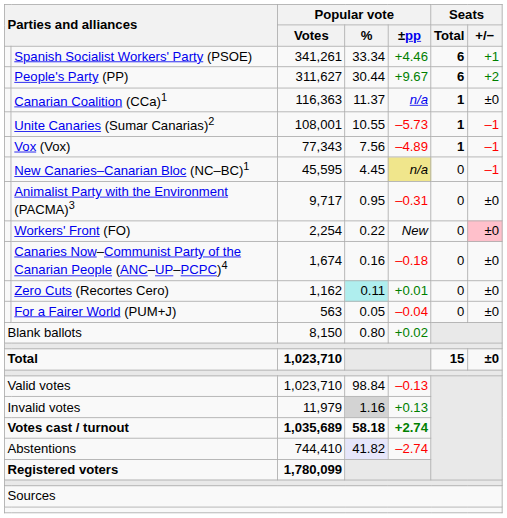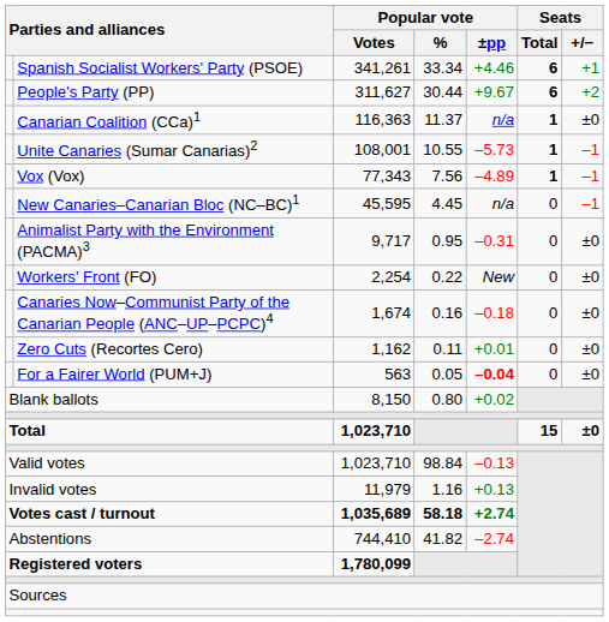 <table class="wikitable" style="text-align:right;">
 <tr>
 <th style="text-align:left;" rowspan="2" colspan="2" width="525">Parties and alliances</th>
 <th colspan="3">Popular vote</th>
 <th colspan="2">Seats</th>
 </tr>
 <tr>
 <th width="75">Votes</th>
 <th width="45">%</th>
 <th width="45">±<a href='#'>pp</a></th>
 <th width="35">Total</th>
 <th width="35">+/−</th>
 </tr>
 <tr>
 <td width="1" style="color:inherit;background:"></td>
 <td align="left"><a href='#'>Spanish Socialist Workers' Party</a> (PSOE)</td>
 <td>341,261</td>
 <td>33.34</td>
 <td style="color:green;">+4.46</td>
 <td><strong>6</strong></td>
 <td style="color:green;">+1</td>
 </tr>
 <tr>
 <td style="color:inherit;background:"></td>
 <td align="left"><a href='#'>People's Party</a> (PP)</td>
 <td>311,627</td>
 <td>30.44</td>
 <td style="color:green;">+9.67</td>
 <td><strong>6</strong></td>
 <td style="color:green;">+2</td>
 </tr>
 <tr>
 <td style="color:inherit;background:"></td>
 <td align="left"><a href='#'>Canarian Coalition</a> (CCa)<sup>1</sup></td>
 <td>116,363</td>
 <td>11.37</td>
 <td><em><a href='#'>n/a</a></em></td>
 <td><strong>1</strong></td>
 <td>±0</td>
 </tr>
 <tr>
 <td style="color:inherit;background:"></td>
 <td align="left"><a href='#'>Unite Canaries</a> (Sumar Canarias)<sup>2</sup></td>
 <td>108,001</td>
 <td>10.55</td>
 <td style="color:red;">–5.73</td>
 <td><strong>1</strong></td>
 <td style="color:red;">–1</td>
 </tr>
 <tr>
 <td style="color:inherit;background:"></td>
 <td align="left"><a href='#'>Vox</a> (Vox)</td>
 <td>77,343</td>
 <td>7.56</td>
 <td style="color:red;">–4.89</td>
 <td><strong>1</strong></td>
 <td style="color:red;">–1</td>
 </tr>
 <tr>
 <td style="color:inherit;background:"></td>
 <td align="left"><a href='#'>New Canaries–Canarian Bloc</a> (NC–BC)<sup>1</sup></td>
 <td>45,595</td>
 <td>4.45</td>
-<td style="background: khaki;"><em>n/a</em></td>
+<td><em>n/a</em></td>
 <td>0</td>
 <td style="color:red;">–1</td>
 </tr>
 <tr>
 <td style="color:inherit;background:"></td>
 <td align="left"><a href='#'>Animalist Party with the Environment</a> (PACMA)<sup>3</sup></td>
 <td>9,717</td>
 <td>0.95</td>
 <td style="color:red;">–0.31</td>
 <td>0</td>
 <td>±0</td>
 </tr>
 <tr>
 <td style="color:inherit;background:"></td>
 <td align="left"><a href='#'>Workers' Front</a> (FO)</td>
 <td>2,254</td>
 <td>0.22</td>
 <td><em>New</em></td>
 <td>0</td>
-<td style="background: pink;">±0</td>
+<td>±0</td>
 </tr>
 <tr>
 <td style="color:inherit;background:"></td>
 <td align="left"><a href='#'>Canaries Now</a>–<a href='#'>Communist Party of the Canarian People</a> (<a href='#'>ANC</a>–<a href='#'>UP</a>–<a href='#'>PCPC</a>)<sup>4</sup></td>
 <td>1,674</td>
 <td>0.16</td>
 <td style="color:red;">–0.18</td>
 <td>0</td>
 <td>±0</td>
 </tr>
 <tr>
 <td style="color:inherit;background:"></td>
 <td align="left"><a href='#'>Zero Cuts</a> (Recortes Cero)</td>
 <td>1,162</td>
-<td style="background: paleturquoise;">0.11</td>
+<td>0.11</td>
 <td style="color:green;">+0.01</td>
 <td>0</td>
 <td>±0</td>
 </tr>
 <tr>
 <td style="color:inherit;background:"></td>
 <td align="left"><a href='#'>For a Fairer World</a> (PUM+J)</td>
 <td>563</td>
 <td>0.05</td>
-<td style="color:red;">–0.04</td>
+<td style="color:red;"><strong>–0.04</strong></td>
 <td>0</td>
 <td>±0</td>
 </tr>
 <tr>
 <td align="left" colspan="2">Blank ballots</td>
 <td>8,150</td>
 <td>0.80</td>
 <td style="color:green;">+0.02</td>
 <td bgcolor="#E9E9E9" colspan="2"></td>
 </tr>
 <tr>
 <td colspan="7" bgcolor="#E9E9E9"></td>
 </tr>
 <tr style="font-weight:bold;">
 <td align="left" colspan="2">Total</td>
 <td>1,023,710</td>
 <td bgcolor="#E9E9E9" colspan="2"></td>
 <td>15</td>
 <td>±0</td>
 </tr>
 <tr>
 <td colspan="7" bgcolor="#E9E9E9"></td>
 </tr>
 <tr>
 <td align="left" colspan="2">Valid votes</td>
 <td>1,023,710</td>
 <td>98.84</td>
 <td style="color:red;">–0.13</td>
 <td bgcolor="#E9E9E9" colspan="2" rowspan="5"></td>
 </tr>
 <tr>
 <td align="left" colspan="2">Invalid votes</td>
 <td>11,979</td>
-<td style="background: lightgrey;">1.16</td>
+<td>1.16</td>
 <td style="color:green;">+0.13</td>
 </tr>
 <tr style="font-weight:bold;">
 <td align="left" colspan="2">Votes cast / turnout</td>
 <td>1,035,689</td>
 <td>58.18</td>
 <td style="color:green;">+2.74</td>
 </tr>
 <tr>
 <td align="left" colspan="2">Abstentions</td>
 <td>744,410</td>
-<td style="background: lavender;">41.82</td>
+<td>41.82</td>
 <td style="color:red;">–2.74</td>
 </tr>
 <tr style="font-weight:bold;">
 <td align="left" colspan="2">Registered voters</td>
 <td>1,780,099</td>
 <td bgcolor="#E9E9E9" colspan="2"></td>
 </tr>
 <tr>
 <td colspan="7" bgcolor="#E9E9E9"></td>
 </tr>
 <tr>
 <td align="left" colspan="7">Sources</td>
 </tr>
 <tr>
 <td colspan="7" style="text-align:left; max-width:790px;"></td>
 </tr>
 </table>
